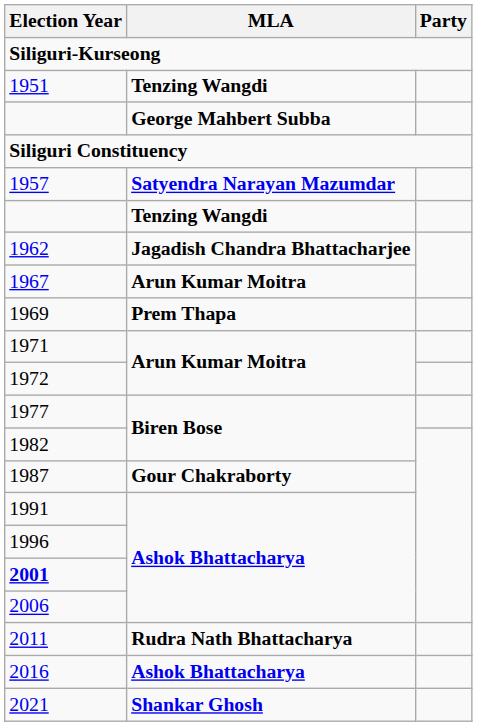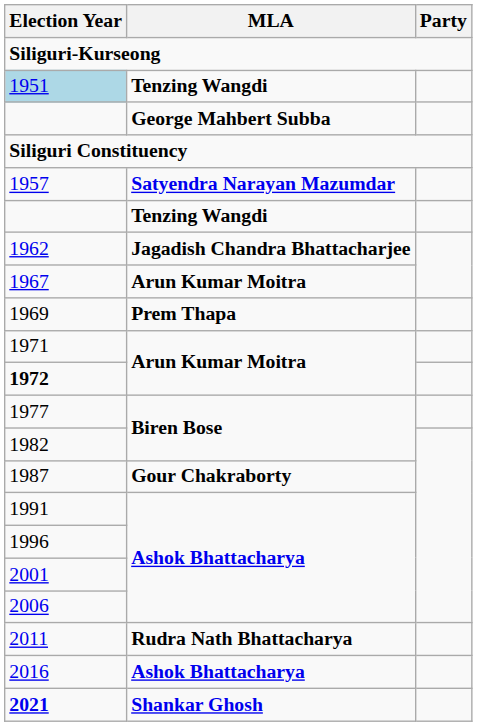 <table class="wikitable sortable" style="font-size:90%">
 <tr>
 <th>Election Year</th>
 <th>MLA</th>
 <th colspan="2">Party</th>
 </tr>
 <tr>
 <td colspan="4"><strong>Siliguri-Kurseong</strong></td>
 </tr>
 <tr>
-<td><a href='#'>1951</a></td>
+<td style="background: lightblue;"><a href='#'>1951</a></td>
 <td><strong>Tenzing Wangdi</strong></td>
 <td></td>
 </tr>
 <tr>
 <td></td>
 <td><strong>George Mahbert Subba</strong></td>
 <td></td>
 </tr>
 <tr>
 <td colspan="4"><strong>Siliguri Constituency</strong></td>
 </tr>
 <tr>
 <td><a href='#'>1957</a></td>
 <td><strong><a href='#'>Satyendra Narayan Mazumdar</a></strong></td>
 <td></td>
 </tr>
 <tr>
 <td></td>
 <td><strong>Tenzing Wangdi</strong></td>
 <td></td>
 </tr>
 <tr>
 <td><a href='#'>1962</a></td>
 <td><strong>Jagadish Chandra Bhattacharjee</strong></td>
 </tr>
 <tr>
 <td><a href='#'>1967</a></td>
 <td><strong>Arun Kumar Moitra</strong></td>
 </tr>
 <tr>
 <td>1969</td>
 <td><strong>Prem Thapa</strong></td>
 <td></td>
 </tr>
 <tr>
 <td>1971</td>
 <td rowspan="2"><strong>Arun Kumar Moitra</strong></td>
 <td></td>
 </tr>
 <tr>
-<td>1972</td>
+<td><strong>1972</strong></td>
 </tr>
 <tr>
 <td>1977</td>
 <td rowspan="2"><strong>Biren Bose</strong></td>
 <td></td>
 </tr>
 <tr>
 <td>1982</td>
 </tr>
 <tr>
 <td>1987</td>
 <td><strong>Gour Chakraborty</strong></td>
 </tr>
 <tr>
 <td>1991</td>
 <td rowspan="4"><strong><a href='#'>Ashok Bhattacharya</a></strong></td>
 </tr>
 <tr>
 <td>1996</td>
 </tr>
 <tr>
-<td><strong><a href='#'>2001</a></strong></td>
+<td><a href='#'>2001</a></td>
 </tr>
 <tr>
 <td><a href='#'>2006</a></td>
 </tr>
 <tr>
 <td><a href='#'>2011</a></td>
 <td><strong>Rudra Nath Bhattacharya</strong></td>
 <td></td>
 </tr>
 <tr>
 <td><a href='#'>2016</a></td>
 <td><strong><a href='#'>Ashok Bhattacharya</a></strong></td>
 <td></td>
 </tr>
 <tr>
-<td><a href='#'>2021</a></td>
+<td><strong><a href='#'>2021</a></strong></td>
 <td><a href='#'><strong>Shankar Ghosh</strong></a></td>
 <td></td>
 </tr>
 </table>
